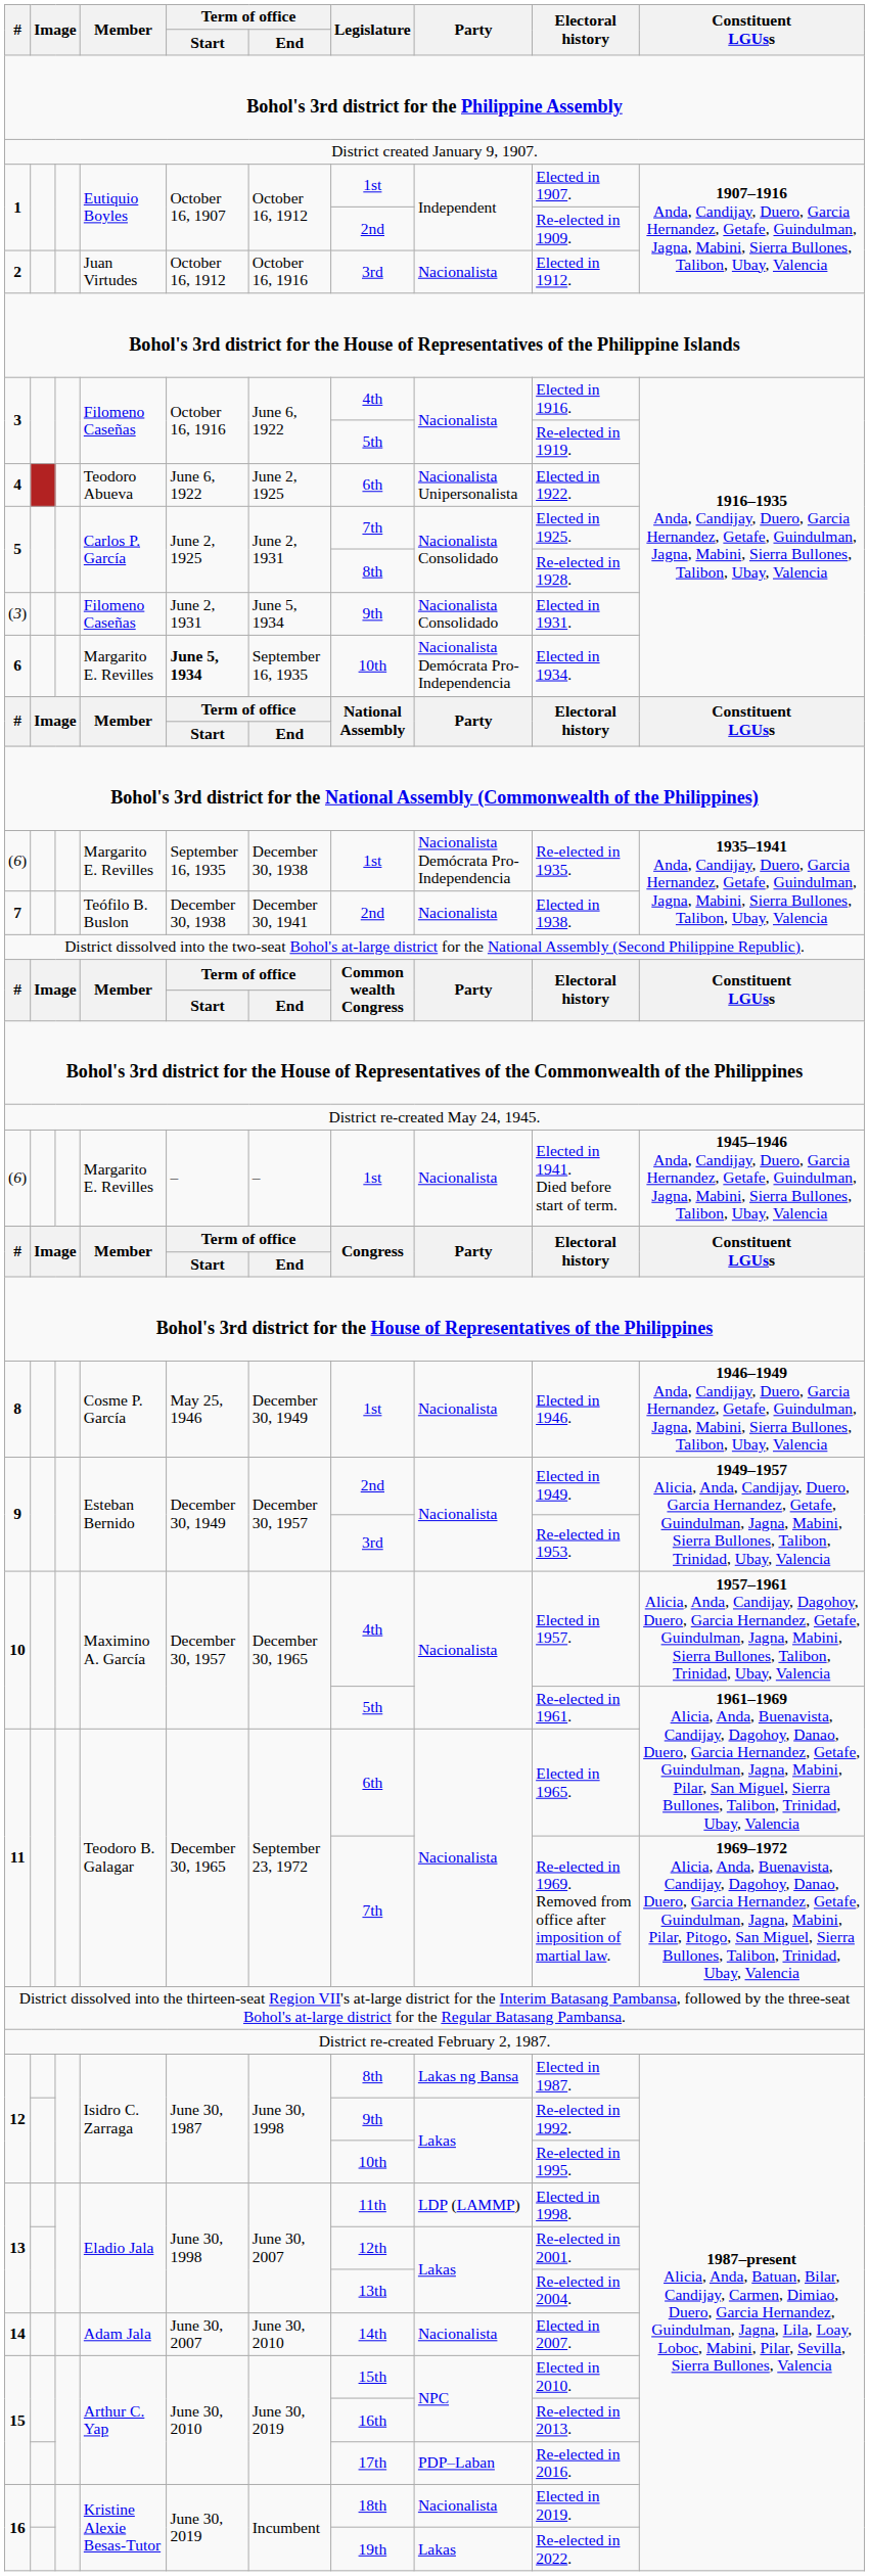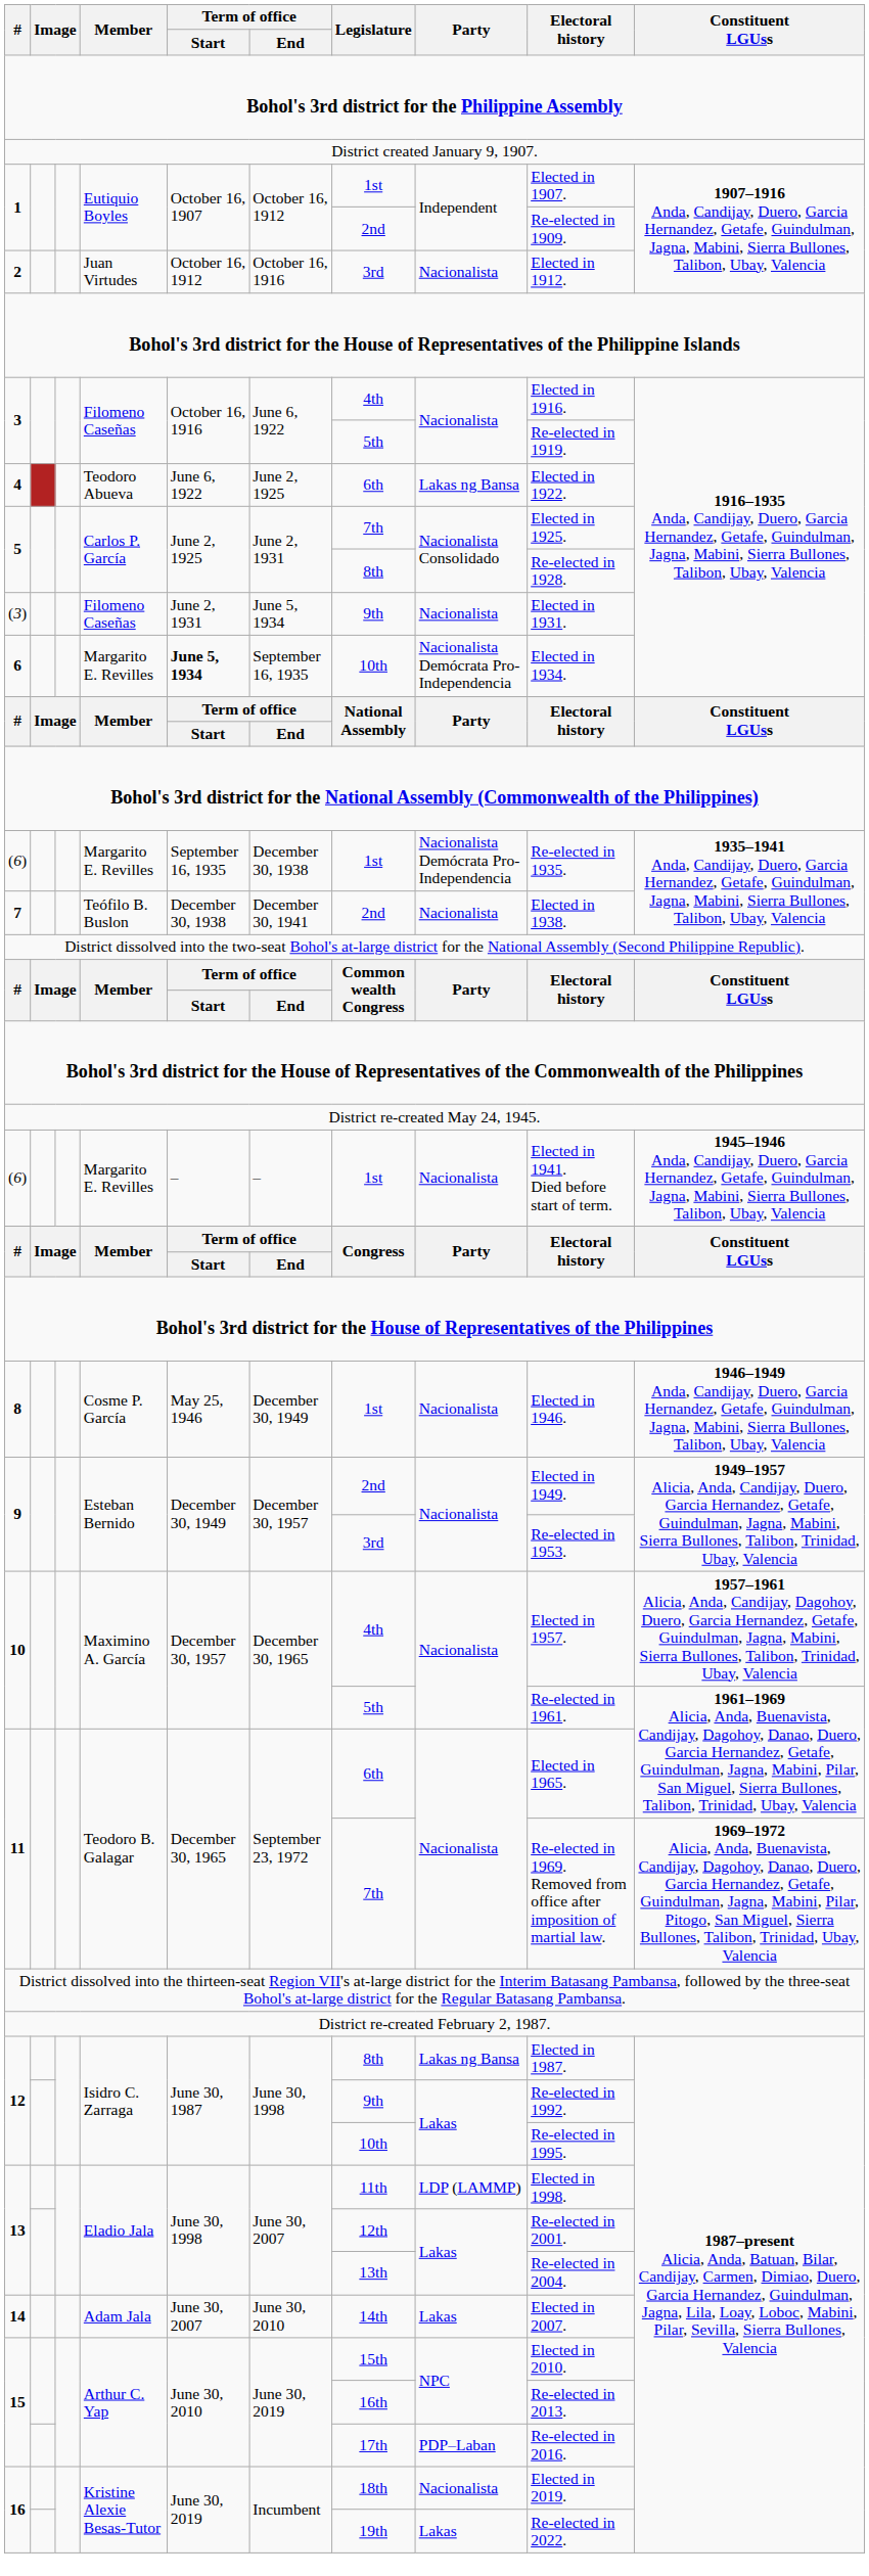 <table class=wikitable>
 <tr>
 <th rowspan="2">#</th>
 <th rowspan="2" colspan=2>Image</th>
 <th rowspan="2">Member</th>
 <th colspan=2>Term of office</th>
 <th rowspan="2">Legislature</th>
 <th rowspan="2">Party</th>
 <th rowspan="2">Electoral history</th>
 <th rowspan="2">Constituent<br><a href='#'>LGUs</a>s</th>
 </tr>
 <tr>
 <th>Start</th>
 <th>End</th>
 </tr>
 <tr>
 <td colspan="10" style="text-align:center;"><br><h3>Bohol's 3rd district for the <a href='#'>Philippine Assembly</a></h3></td>
 </tr>
 <tr>
 <td colspan="10" style="text-align:center;">District created January 9, 1907.</td>
 </tr>
 <tr>
 <td rowspan="2" style="text-align:center;"><strong>1</strong></td>
 <td rowspan="2" style="color:inherit;background:"></td>
 <td rowspan="2"></td>
 <td rowspan="2"><a href='#'>Eutiquio Boyles</a></td>
 <td rowspan="2">October 16, 1907</td>
 <td rowspan="2">October 16, 1912</td>
 <td style="text-align:center;"><a href='#'>1st</a></td>
 <td rowspan="2">Independent</td>
 <td><a href='#'>Elected in 1907</a>.</td>
 <td rowspan="3" style="text-align:center;"><strong>1907–1916</strong><br><a href='#'>Anda</a>, <a href='#'>Candijay</a>, <a href='#'>Duero</a>, <a href='#'>Garcia Hernandez</a>, <a href='#'>Getafe</a>, <a href='#'>Guindulman</a>, <a href='#'>Jagna</a>, <a href='#'>Mabini</a>, <a href='#'>Sierra Bullones</a>, <a href='#'>Talibon</a>, <a href='#'>Ubay</a>, <a href='#'>Valencia</a></td>
 </tr>
 <tr>
 <td style="text-align:center;"><a href='#'>2nd</a></td>
 <td><a href='#'>Re-elected in 1909</a>.</td>
 </tr>
 <tr>
 <td style="text-align:center;"><strong>2</strong></td>
 <td style="color:inherit;background:"></td>
 <td></td>
 <td>Juan Virtudes</td>
 <td>October 16, 1912</td>
 <td>October 16, 1916</td>
 <td style="text-align:center;"><a href='#'>3rd</a></td>
 <td><a href='#'>Nacionalista</a></td>
 <td><a href='#'>Elected in 1912</a>.</td>
 </tr>
 <tr>
 <td colspan="10" style="text-align:center;"><br><h3>Bohol's 3rd district for the House of Representatives of the Philippine Islands</h3></td>
 </tr>
 <tr>
 <td rowspan="2" style="text-align:center;"><strong>3</strong></td>
 <td rowspan="2" style="color:inherit;background:"></td>
 <td rowspan="2"></td>
 <td rowspan="2"><a href='#'>Filomeno Caseñas</a></td>
 <td rowspan="2">October 16, 1916</td>
 <td rowspan="2">June 6, 1922</td>
 <td style="text-align:center;"><a href='#'>4th</a></td>
 <td rowspan="2"><a href='#'>Nacionalista</a></td>
 <td><a href='#'>Elected in 1916</a>.</td>
 <td rowspan="7" style="text-align:center;"><strong>1916–1935</strong><br><a href='#'>Anda</a>, <a href='#'>Candijay</a>, <a href='#'>Duero</a>, <a href='#'>Garcia Hernandez</a>, <a href='#'>Getafe</a>, <a href='#'>Guindulman</a>, <a href='#'>Jagna</a>, <a href='#'>Mabini</a>, <a href='#'>Sierra Bullones</a>, <a href='#'>Talibon</a>, <a href='#'>Ubay</a>, <a href='#'>Valencia</a></td>
 </tr>
 <tr>
 <td style="text-align:center;"><a href='#'>5th</a></td>
 <td><a href='#'>Re-elected in 1919</a>.</td>
 </tr>
 <tr>
 <td style="text-align:center;"><strong>4</strong></td>
 <td style="background-color:#B22222"></td>
 <td></td>
 <td>Teodoro Abueva</td>
 <td>June 6, 1922</td>
 <td>June 2, 1925</td>
 <td style="text-align:center;"><a href='#'>6th</a></td>
-<td><a href='#'>Nacionalista</a><br>Unipersonalista</td>
+<td><a href='#'>Lakas ng Bansa</a></td>
 <td><a href='#'>Elected in 1922</a>.</td>
 </tr>
 <tr>
 <td rowspan="2" style="text-align:center;"><strong>5</strong></td>
 <td rowspan="2" style="color:inherit;background:"></td>
 <td rowspan="2"></td>
 <td rowspan="2"><a href='#'>Carlos P. García</a></td>
 <td rowspan="2">June 2, 1925</td>
 <td rowspan="2">June 2, 1931</td>
 <td style="text-align:center;"><a href='#'>7th</a></td>
 <td rowspan="2"><a href='#'>Nacionalista</a><br>Consolidado</td>
 <td><a href='#'>Elected in 1925</a>.</td>
 </tr>
 <tr>
 <td style="text-align:center;"><a href='#'>8th</a></td>
 <td><a href='#'>Re-elected in 1928</a>.</td>
 </tr>
 <tr>
 <td style="text-align:center;">(<em>3</em>)</td>
 <td style="color:inherit;background:"></td>
 <td></td>
 <td><a href='#'>Filomeno Caseñas</a></td>
 <td>June 2, 1931</td>
 <td>June 5, 1934</td>
 <td style="text-align:center;"><a href='#'>9th</a></td>
-<td><a href='#'>Nacionalista</a><br>Consolidado</td>
+<td><a href='#'>Nacionalista</a></td>
 <td><a href='#'>Elected in 1931</a>.</td>
 </tr>
 <tr>
 <td style="text-align:center;"><strong>6</strong></td>
 <td style="color:inherit;background:"></td>
 <td></td>
 <td>Margarito E. Revilles</td>
 <td><strong>June 5, 1934</strong></td>
 <td>September 16, 1935</td>
 <td style="text-align:center;"><a href='#'>10th</a></td>
 <td><a href='#'>Nacionalista</a><br>Demócrata Pro-Independencia</td>
 <td><a href='#'>Elected in 1934</a>.</td>
 </tr>
 <tr>
 <th rowspan="2">#</th>
 <th rowspan="2" colspan=2>Image</th>
 <th rowspan="2">Member</th>
 <th colspan=2>Term of office</th>
 <th rowspan="2">National<br>Assembly</th>
 <th rowspan="2">Party</th>
 <th rowspan="2">Electoral history</th>
 <th rowspan="2">Constituent<br><a href='#'>LGUs</a>s</th>
 </tr>
 <tr>
 <th>Start</th>
 <th>End</th>
 </tr>
 <tr>
 <td colspan="10" style="text-align:center;"><br><h3>Bohol's 3rd district for the <a href='#'>National Assembly (Commonwealth of the Philippines)</a></h3></td>
 </tr>
 <tr>
 <td style="text-align:center;">(<em>6</em>)</td>
 <td style="color:inherit;background:"></td>
 <td></td>
 <td>Margarito E. Revilles</td>
 <td>September 16, 1935</td>
 <td>December 30, 1938</td>
 <td style="text-align:center;"><a href='#'>1st</a></td>
 <td><a href='#'>Nacionalista</a><br>Demócrata Pro-Independencia</td>
 <td><a href='#'>Re-elected in 1935</a>.</td>
 <td rowspan="2" style="text-align:center;"><strong>1935–1941</strong><br><a href='#'>Anda</a>, <a href='#'>Candijay</a>, <a href='#'>Duero</a>, <a href='#'>Garcia Hernandez</a>, <a href='#'>Getafe</a>, <a href='#'>Guindulman</a>, <a href='#'>Jagna</a>, <a href='#'>Mabini</a>, <a href='#'>Sierra Bullones</a>, <a href='#'>Talibon</a>, <a href='#'>Ubay</a>, <a href='#'>Valencia</a></td>
 </tr>
 <tr>
 <td style="text-align:center;"><strong>7</strong></td>
 <td style="color:inherit;background:"></td>
 <td></td>
 <td>Teófilo B. Buslon</td>
 <td>December 30, 1938</td>
 <td>December 30, 1941</td>
 <td style="text-align:center;"><a href='#'>2nd</a></td>
 <td><a href='#'>Nacionalista</a></td>
 <td><a href='#'>Elected in 1938</a>.</td>
 </tr>
 <tr>
 <td colspan="10" style="text-align:center;">District dissolved into the two-seat <a href='#'>Bohol's at-large district</a> for the <a href='#'>National Assembly (Second Philippine Republic)</a>.</td>
 </tr>
 <tr>
 <th rowspan="2">#</th>
 <th rowspan="2" colspan=2>Image</th>
 <th rowspan="2">Member</th>
 <th colspan=2>Term of office</th>
 <th rowspan="2">Common<br>wealth<br>Congress</th>
 <th rowspan="2">Party</th>
 <th rowspan="2">Electoral history</th>
 <th rowspan="2">Constituent<br><a href='#'>LGUs</a>s</th>
 </tr>
 <tr>
 <th>Start</th>
 <th>End</th>
 </tr>
 <tr>
 <td colspan="10" style="text-align:center;"><br><h3>Bohol's 3rd district for the House of Representatives of the Commonwealth of the Philippines</h3></td>
 </tr>
 <tr>
 <td colspan="10" style="text-align:center;">District re-created May 24, 1945.</td>
 </tr>
 <tr>
 <td style="text-align:center;">(<em>6</em>)</td>
 <td style="color:inherit;background:"></td>
 <td></td>
 <td>Margarito E. Revilles</td>
 <td>–</td>
 <td>–</td>
 <td style="text-align:center;"><a href='#'>1st</a></td>
 <td><a href='#'>Nacionalista</a></td>
 <td><a href='#'>Elected in 1941</a>.<br>Died before start of term.</td>
 <td style="text-align:center;"><strong>1945–1946</strong><br><a href='#'>Anda</a>, <a href='#'>Candijay</a>, <a href='#'>Duero</a>, <a href='#'>Garcia Hernandez</a>, <a href='#'>Getafe</a>, <a href='#'>Guindulman</a>, <a href='#'>Jagna</a>, <a href='#'>Mabini</a>, <a href='#'>Sierra Bullones</a>, <a href='#'>Talibon</a>, <a href='#'>Ubay</a>, <a href='#'>Valencia</a></td>
 </tr>
 <tr>
 <th rowspan="2">#</th>
 <th rowspan="2" colspan=2>Image</th>
 <th rowspan="2">Member</th>
 <th colspan=2>Term of office</th>
 <th rowspan="2">Congress</th>
 <th rowspan="2">Party</th>
 <th rowspan="2">Electoral history</th>
 <th rowspan="2">Constituent<br><a href='#'>LGUs</a>s</th>
 </tr>
 <tr>
 <th>Start</th>
 <th>End</th>
 </tr>
 <tr>
 <td colspan="10" style="text-align:center;"><br><h3>Bohol's 3rd district for the <a href='#'>House of Representatives of the Philippines</a></h3></td>
 </tr>
 <tr>
 <td style="text-align:center;"><strong>8</strong></td>
 <td style="color:inherit;background:"></td>
 <td></td>
 <td>Cosme P. García</td>
 <td>May 25, 1946</td>
 <td>December 30, 1949</td>
 <td style="text-align:center;"><a href='#'>1st</a></td>
 <td><a href='#'>Nacionalista</a></td>
 <td><a href='#'>Elected in 1946</a>.</td>
 <td style="text-align:center;"><strong>1946–1949</strong><br><a href='#'>Anda</a>, <a href='#'>Candijay</a>, <a href='#'>Duero</a>, <a href='#'>Garcia Hernandez</a>, <a href='#'>Getafe</a>, <a href='#'>Guindulman</a>, <a href='#'>Jagna</a>, <a href='#'>Mabini</a>, <a href='#'>Sierra Bullones</a>, <a href='#'>Talibon</a>, <a href='#'>Ubay</a>, <a href='#'>Valencia</a></td>
 </tr>
 <tr>
 <td rowspan="2" style="text-align:center;"><strong>9</strong></td>
 <td rowspan="2" style="color:inherit;background:"></td>
 <td rowspan="2"></td>
 <td rowspan="2">Esteban Bernido</td>
 <td rowspan="2">December 30, 1949</td>
 <td rowspan="2">December 30, 1957</td>
 <td style="text-align:center;"><a href='#'>2nd</a></td>
 <td rowspan="2"><a href='#'>Nacionalista</a></td>
 <td><a href='#'>Elected in 1949</a>.</td>
 <td rowspan="2" style="text-align:center;"><strong>1949–1957</strong><br><a href='#'>Alicia</a>, <a href='#'>Anda</a>, <a href='#'>Candijay</a>, <a href='#'>Duero</a>, <a href='#'>Garcia Hernandez</a>, <a href='#'>Getafe</a>, <a href='#'>Guindulman</a>, <a href='#'>Jagna</a>, <a href='#'>Mabini</a>, <a href='#'>Sierra Bullones</a>, <a href='#'>Talibon</a>, <a href='#'>Trinidad</a>, <a href='#'>Ubay</a>, <a href='#'>Valencia</a></td>
 </tr>
 <tr>
 <td style="text-align:center;"><a href='#'>3rd</a></td>
 <td><a href='#'>Re-elected in 1953</a>.</td>
 </tr>
 <tr>
 <td rowspan="2" style="text-align:center;"><strong>10</strong></td>
 <td rowspan="2" style="color:inherit;background:"></td>
 <td rowspan="2"></td>
 <td rowspan="2">Maximino A. García</td>
 <td rowspan="2">December 30, 1957</td>
 <td rowspan="2">December 30, 1965</td>
 <td style="text-align:center;"><a href='#'>4th</a></td>
 <td rowspan="2"><a href='#'>Nacionalista</a></td>
 <td><a href='#'>Elected in 1957</a>.</td>
 <td style="text-align:center;"><strong>1957–1961</strong><br><a href='#'>Alicia</a>, <a href='#'>Anda</a>, <a href='#'>Candijay</a>, <a href='#'>Dagohoy</a>, <a href='#'>Duero</a>, <a href='#'>Garcia Hernandez</a>, <a href='#'>Getafe</a>, <a href='#'>Guindulman</a>, <a href='#'>Jagna</a>, <a href='#'>Mabini</a>, <a href='#'>Sierra Bullones</a>, <a href='#'>Talibon</a>, <a href='#'>Trinidad</a>, <a href='#'>Ubay</a>, <a href='#'>Valencia</a></td>
 </tr>
 <tr>
 <td style="text-align:center;"><a href='#'>5th</a></td>
 <td><a href='#'>Re-elected in 1961</a>.</td>
 <td rowspan="2" style="text-align:center;"><strong>1961–1969</strong><br><a href='#'>Alicia</a>, <a href='#'>Anda</a>, <a href='#'>Buenavista</a>, <a href='#'>Candijay</a>, <a href='#'>Dagohoy</a>, <a href='#'>Danao</a>, <a href='#'>Duero</a>, <a href='#'>Garcia Hernandez</a>, <a href='#'>Getafe</a>, <a href='#'>Guindulman</a>, <a href='#'>Jagna</a>, <a href='#'>Mabini</a>, <a href='#'>Pilar</a>, <a href='#'>San Miguel</a>, <a href='#'>Sierra Bullones</a>, <a href='#'>Talibon</a>, <a href='#'>Trinidad</a>, <a href='#'>Ubay</a>, <a href='#'>Valencia</a></td>
 </tr>
 <tr>
 <td rowspan="2" style="text-align:center;"><strong>11</strong></td>
 <td rowspan="2" style="color:inherit;background:"></td>
 <td rowspan="2"></td>
 <td rowspan="2">Teodoro B. Galagar</td>
 <td rowspan="2">December 30, 1965</td>
 <td rowspan="2">September 23, 1972</td>
 <td style="text-align:center;"><a href='#'>6th</a></td>
 <td rowspan="2"><a href='#'>Nacionalista</a></td>
 <td><a href='#'>Elected in 1965</a>.</td>
 </tr>
 <tr>
 <td style="text-align:center;"><a href='#'>7th</a></td>
 <td><a href='#'>Re-elected in 1969</a>.<br>Removed from office after <a href='#'>imposition of martial law</a>.</td>
 <td style="text-align:center;"><strong>1969–1972</strong><br><a href='#'>Alicia</a>, <a href='#'>Anda</a>, <a href='#'>Buenavista</a>, <a href='#'>Candijay</a>, <a href='#'>Dagohoy</a>, <a href='#'>Danao</a>, <a href='#'>Duero</a>, <a href='#'>Garcia Hernandez</a>, <a href='#'>Getafe</a>, <a href='#'>Guindulman</a>, <a href='#'>Jagna</a>, <a href='#'>Mabini</a>, <a href='#'>Pilar</a>, <a href='#'>Pitogo</a>, <a href='#'>San Miguel</a>, <a href='#'>Sierra Bullones</a>, <a href='#'>Talibon</a>, <a href='#'>Trinidad</a>, <a href='#'>Ubay</a>, <a href='#'>Valencia</a></td>
 </tr>
 <tr>
 <td colspan="10" style="text-align:center;">District dissolved into the thirteen-seat <a href='#'>Region VII</a>'s at-large district for the <a href='#'>Interim Batasang Pambansa</a>, followed by the three-seat <a href='#'>Bohol's at-large district</a> for the <a href='#'>Regular Batasang Pambansa</a>.</td>
 </tr>
 <tr>
 <td colspan="10" style="text-align:center;">District re-created February 2, 1987.</td>
 </tr>
 <tr>
 <td rowspan="3" style="text-align:center;"><strong>12</strong></td>
 <td style="color:inherit;background:"></td>
 <td rowspan="3"></td>
 <td rowspan="3">Isidro C. Zarraga</td>
 <td rowspan="3">June 30, 1987</td>
 <td rowspan="3">June 30, 1998</td>
 <td style="text-align:center;"><a href='#'>8th</a></td>
 <td><a href='#'>Lakas ng Bansa</a></td>
 <td><a href='#'>Elected in 1987</a>.</td>
 <td rowspan="12" style="text-align:center;"><strong>1987–present</strong><br><a href='#'>Alicia</a>, <a href='#'>Anda</a>, <a href='#'>Batuan</a>, <a href='#'>Bilar</a>, <a href='#'>Candijay</a>, <a href='#'>Carmen</a>, <a href='#'>Dimiao</a>, <a href='#'>Duero</a>, <a href='#'>Garcia Hernandez</a>, <a href='#'>Guindulman</a>, <a href='#'>Jagna</a>, <a href='#'>Lila</a>, <a href='#'>Loay</a>, <a href='#'>Loboc</a>, <a href='#'>Mabini</a>, <a href='#'>Pilar</a>, <a href='#'>Sevilla</a>, <a href='#'>Sierra Bullones</a>, <a href='#'>Valencia</a></td>
 </tr>
 <tr>
 <td rowspan="2" style="color:inherit;background:"></td>
 <td style="text-align:center;"><a href='#'>9th</a></td>
 <td rowspan="2"><a href='#'>Lakas</a></td>
 <td><a href='#'>Re-elected in 1992</a>.</td>
 </tr>
 <tr>
 <td style="text-align:center;"><a href='#'>10th</a></td>
 <td><a href='#'>Re-elected in 1995</a>.</td>
 </tr>
 <tr>
 <td rowspan="3" style="text-align:center;"><strong>13</strong></td>
 <td style="color:inherit;background:"></td>
 <td rowspan="3"></td>
 <td rowspan="3"><a href='#'>Eladio Jala</a></td>
 <td rowspan="3">June 30, 1998</td>
 <td rowspan="3">June 30, 2007</td>
 <td style="text-align:center;"><a href='#'>11th</a></td>
 <td><a href='#'>LDP</a> (<a href='#'>LAMMP</a>)</td>
 <td><a href='#'>Elected in 1998</a>.</td>
 </tr>
 <tr>
 <td rowspan="2" style="color:inherit;background:"></td>
 <td style="text-align:center;"><a href='#'>12th</a></td>
 <td rowspan="2"><a href='#'>Lakas</a></td>
 <td><a href='#'>Re-elected in 2001</a>.</td>
 </tr>
 <tr>
 <td style="text-align:center;"><a href='#'>13th</a></td>
 <td><a href='#'>Re-elected in 2004</a>.</td>
 </tr>
 <tr>
 <td style="text-align:center;"><strong>14</strong></td>
 <td style="color:inherit;background:"></td>
 <td></td>
 <td><a href='#'>Adam Jala</a></td>
 <td>June 30, 2007</td>
 <td>June 30, 2010</td>
 <td style="text-align:center;"><a href='#'>14th</a></td>
-<td><a href='#'>Nacionalista</a></td>
+<td><a href='#'>Lakas</a></td>
 <td><a href='#'>Elected in 2007</a>.</td>
 </tr>
 <tr>
 <td rowspan="3" style="text-align:center;"><strong>15</strong></td>
 <td rowspan="2" style="color:inherit;background:"></td>
 <td rowspan="3"></td>
 <td rowspan="3"><a href='#'>Arthur C. Yap</a></td>
 <td rowspan="3">June 30, 2010</td>
 <td rowspan="3">June 30, 2019</td>
 <td style="text-align:center;"><a href='#'>15th</a></td>
 <td rowspan="2"><a href='#'>NPC</a></td>
 <td><a href='#'>Elected in 2010</a>.</td>
 </tr>
 <tr>
 <td style="text-align:center;"><a href='#'>16th</a></td>
 <td><a href='#'>Re-elected in 2013</a>.</td>
 </tr>
 <tr>
 <td style="color:inherit;background:"></td>
 <td style="text-align:center;"><a href='#'>17th</a></td>
 <td><a href='#'>PDP–Laban</a></td>
 <td><a href='#'>Re-elected in 2016</a>.</td>
 </tr>
 <tr>
 <td rowspan="2" style="text-align:center;"><strong>16</strong></td>
 <td style="color:inherit;background:"></td>
 <td rowspan="2"></td>
 <td rowspan="2"><a href='#'>Kristine Alexie Besas-Tutor</a></td>
 <td rowspan="2">June 30, 2019</td>
 <td rowspan="2">Incumbent</td>
 <td style="text-align:center;"><a href='#'>18th</a></td>
 <td><a href='#'>Nacionalista</a></td>
 <td><a href='#'>Elected in 2019</a>.</td>
 </tr>
 <tr>
 <td style="color:inherit;background:"></td>
 <td style="text-align:center;"><a href='#'>19th</a></td>
 <td><a href='#'>Lakas</a></td>
 <td><a href='#'>Re-elected in 2022</a>.</td>
 </tr>
 </table>
